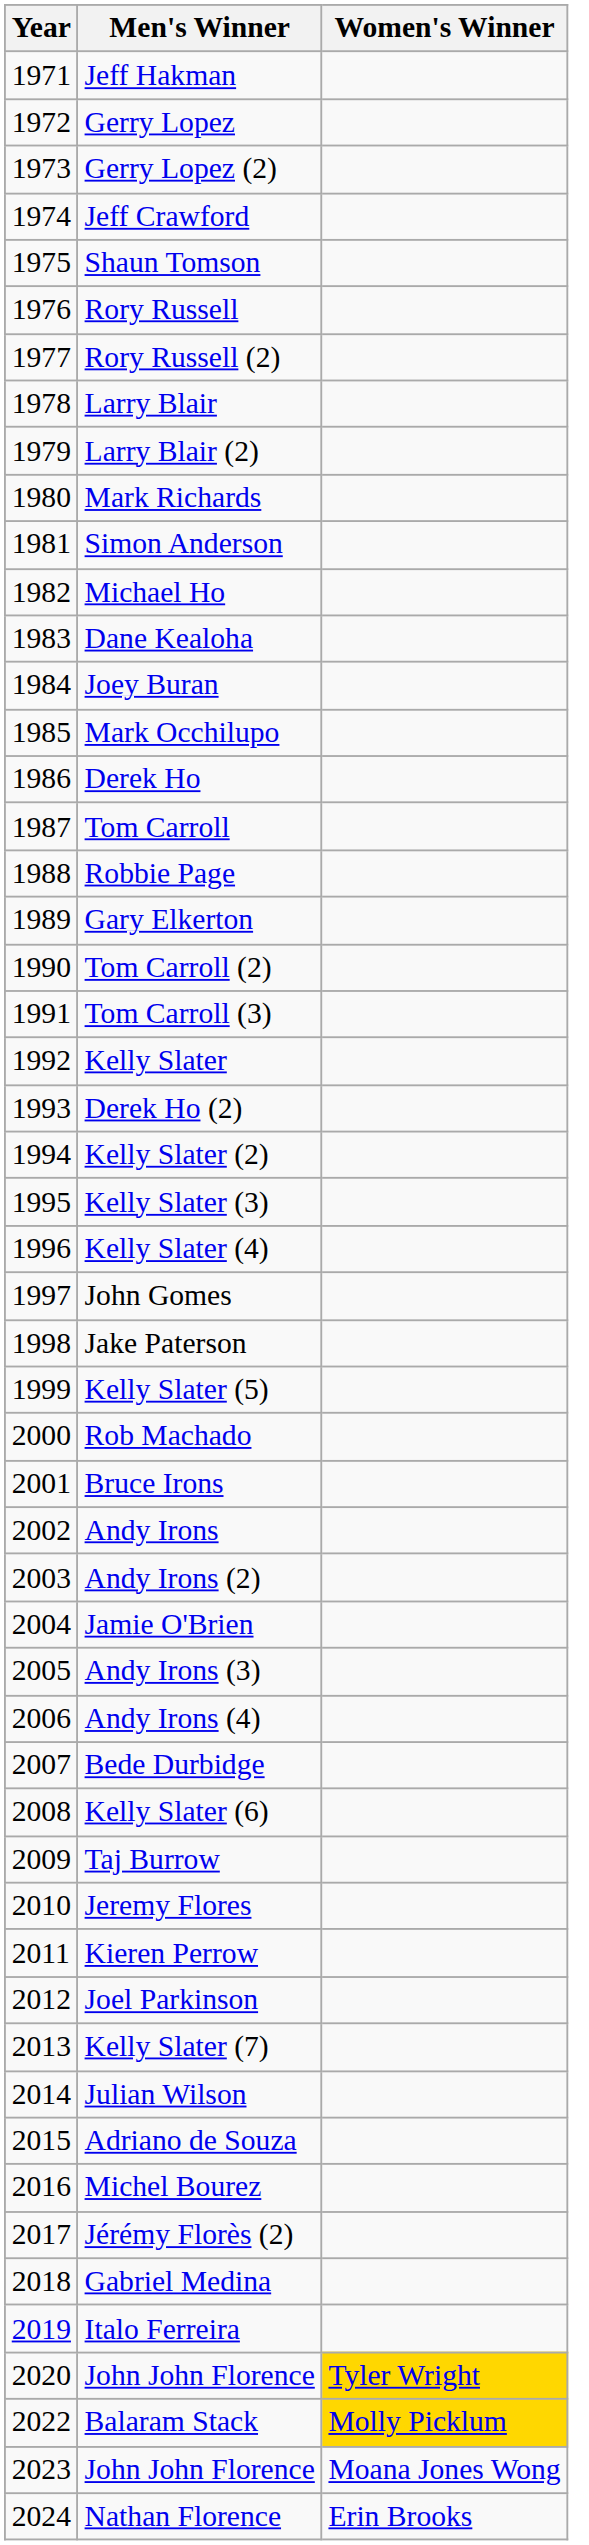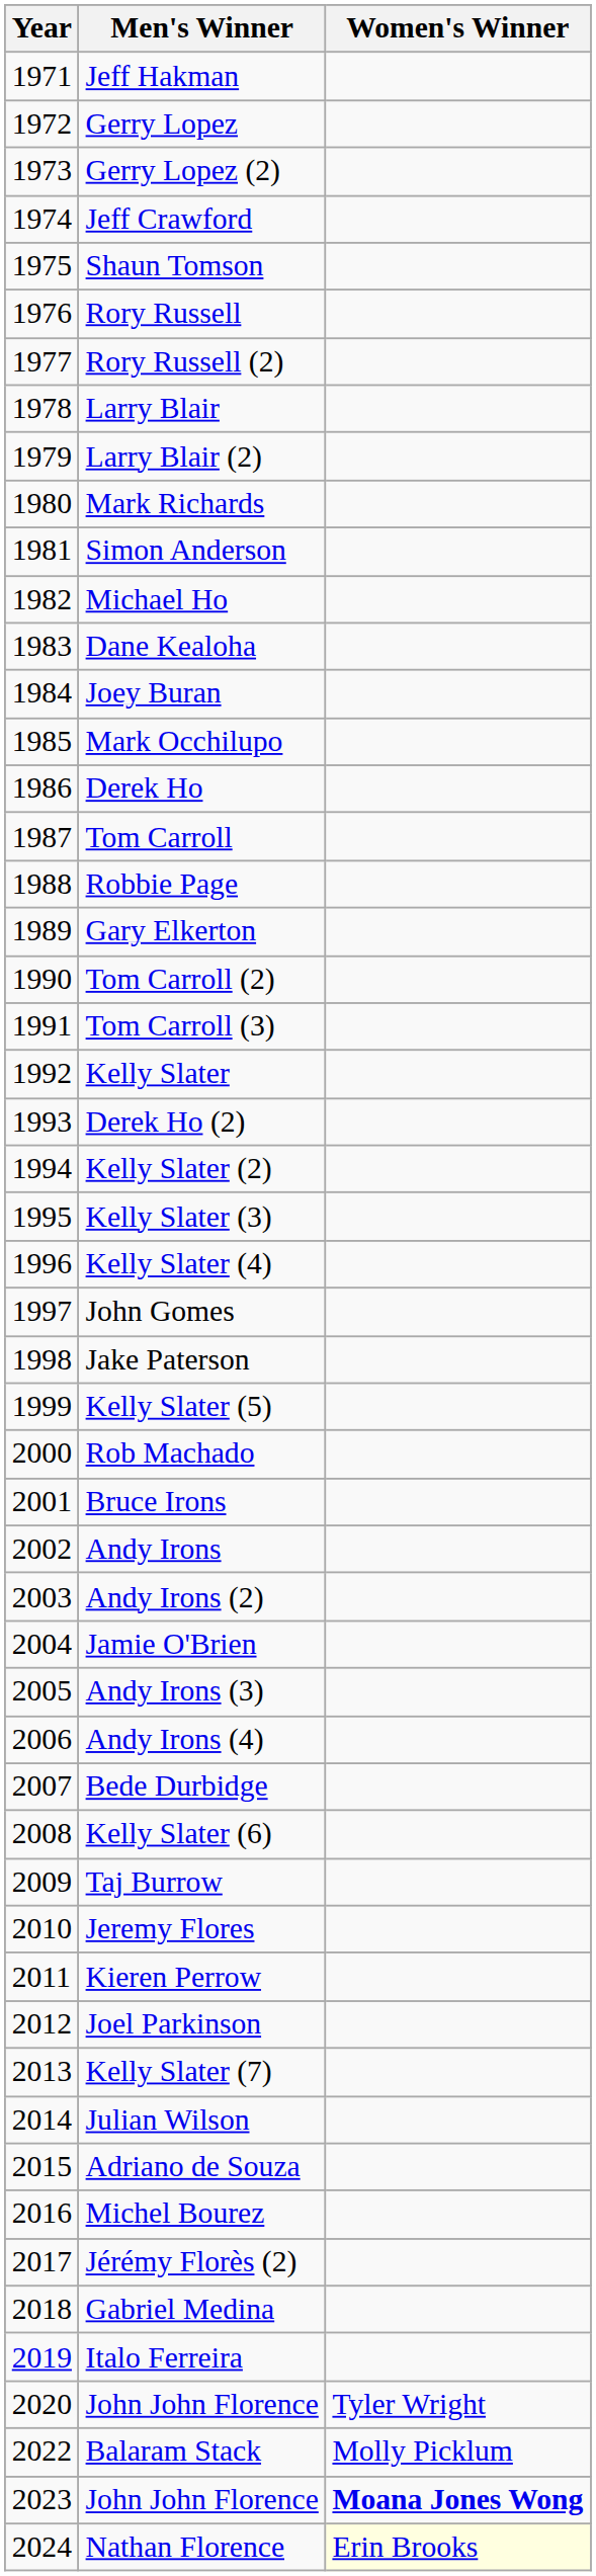 <table class="wikitable sortable">
 <tr>
 <th>Year</th>
 <th>Men's Winner</th>
 <th>Women's Winner</th>
 </tr>
 <tr>
 <td>1971</td>
 <td> <a href='#'>Jeff Hakman</a></td>
 <td></td>
 </tr>
 <tr>
 <td>1972</td>
 <td> <a href='#'>Gerry Lopez</a></td>
 <td></td>
 </tr>
 <tr>
 <td>1973</td>
 <td> <a href='#'>Gerry Lopez</a> (2)</td>
 <td></td>
 </tr>
 <tr>
 <td>1974</td>
 <td> <a href='#'>Jeff Crawford</a></td>
 <td></td>
 </tr>
 <tr>
 <td>1975</td>
 <td> <a href='#'>Shaun Tomson</a></td>
 <td></td>
 </tr>
 <tr>
 <td>1976</td>
 <td> <a href='#'>Rory Russell</a></td>
 <td></td>
 </tr>
 <tr>
 <td>1977</td>
 <td> <a href='#'>Rory Russell</a> (2)</td>
 <td></td>
 </tr>
 <tr>
 <td>1978</td>
 <td> <a href='#'>Larry Blair</a></td>
 <td></td>
 </tr>
 <tr>
 <td>1979</td>
 <td> <a href='#'>Larry Blair</a> (2)</td>
 <td></td>
 </tr>
 <tr>
 <td>1980</td>
 <td> <a href='#'>Mark Richards</a></td>
 <td></td>
 </tr>
 <tr>
 <td>1981</td>
 <td> <a href='#'>Simon Anderson</a></td>
 <td></td>
 </tr>
 <tr>
 <td>1982</td>
 <td> <a href='#'>Michael Ho</a></td>
 <td></td>
 </tr>
 <tr>
 <td>1983</td>
 <td> <a href='#'>Dane Kealoha</a></td>
 <td></td>
 </tr>
 <tr>
 <td>1984</td>
 <td> <a href='#'>Joey Buran</a></td>
 <td></td>
 </tr>
 <tr>
 <td>1985</td>
 <td> <a href='#'>Mark Occhilupo</a></td>
 <td></td>
 </tr>
 <tr>
 <td>1986</td>
 <td> <a href='#'>Derek Ho</a></td>
 <td></td>
 </tr>
 <tr>
 <td>1987</td>
 <td> <a href='#'>Tom Carroll</a></td>
 <td></td>
 </tr>
 <tr>
 <td>1988</td>
 <td> <a href='#'>Robbie Page</a></td>
 <td></td>
 </tr>
 <tr>
 <td>1989</td>
 <td> <a href='#'>Gary Elkerton</a></td>
 <td></td>
 </tr>
 <tr>
 <td>1990</td>
 <td> <a href='#'>Tom Carroll</a> (2)</td>
 <td></td>
 </tr>
 <tr>
 <td>1991</td>
 <td> <a href='#'>Tom Carroll</a> (3)</td>
 <td></td>
 </tr>
 <tr>
 <td>1992</td>
 <td> <a href='#'>Kelly Slater</a></td>
 <td></td>
 </tr>
 <tr>
 <td>1993</td>
 <td> <a href='#'>Derek Ho</a> (2)</td>
 <td></td>
 </tr>
 <tr>
 <td>1994</td>
 <td> <a href='#'>Kelly Slater</a> (2)</td>
 <td></td>
 </tr>
 <tr>
 <td>1995</td>
 <td> <a href='#'>Kelly Slater</a> (3)</td>
 <td></td>
 </tr>
 <tr>
 <td>1996</td>
 <td> <a href='#'>Kelly Slater</a> (4)</td>
 <td></td>
 </tr>
 <tr>
 <td>1997</td>
 <td> John Gomes</td>
 <td></td>
 </tr>
 <tr>
 <td>1998</td>
 <td> Jake Paterson</td>
 <td></td>
 </tr>
 <tr>
 <td>1999</td>
 <td> <a href='#'>Kelly Slater</a> (5)</td>
 <td></td>
 </tr>
 <tr>
 <td>2000</td>
 <td> <a href='#'>Rob Machado</a></td>
 <td></td>
 </tr>
 <tr>
 <td>2001</td>
 <td> <a href='#'>Bruce Irons</a></td>
 <td></td>
 </tr>
 <tr>
 <td>2002</td>
 <td> <a href='#'>Andy Irons</a></td>
 <td></td>
 </tr>
 <tr>
 <td>2003</td>
 <td> <a href='#'>Andy Irons</a> (2)</td>
 <td></td>
 </tr>
 <tr>
 <td>2004</td>
 <td> <a href='#'>Jamie O'Brien</a></td>
 <td></td>
 </tr>
 <tr>
 <td>2005</td>
 <td> <a href='#'>Andy Irons</a> (3)</td>
 <td></td>
 </tr>
 <tr>
 <td>2006</td>
 <td> <a href='#'>Andy Irons</a> (4)</td>
 <td></td>
 </tr>
 <tr>
 <td>2007</td>
 <td> <a href='#'>Bede Durbidge</a></td>
 <td></td>
 </tr>
 <tr>
 <td>2008</td>
 <td> <a href='#'>Kelly Slater</a> (6)</td>
 <td></td>
 </tr>
 <tr>
 <td>2009</td>
 <td> <a href='#'>Taj Burrow</a></td>
 <td></td>
 </tr>
 <tr>
 <td>2010</td>
 <td> <a href='#'>Jeremy Flores</a></td>
 <td></td>
 </tr>
 <tr>
 <td>2011</td>
 <td> <a href='#'>Kieren Perrow</a></td>
 <td></td>
 </tr>
 <tr>
 <td>2012</td>
 <td> <a href='#'>Joel Parkinson</a></td>
 <td></td>
 </tr>
 <tr>
 <td>2013</td>
 <td> <a href='#'>Kelly Slater</a> (7)</td>
 <td></td>
 </tr>
 <tr>
 <td>2014</td>
 <td> <a href='#'>Julian Wilson</a></td>
 <td></td>
 </tr>
 <tr>
 <td>2015</td>
 <td> <a href='#'>Adriano de Souza</a></td>
 <td></td>
 </tr>
 <tr>
 <td>2016</td>
 <td> <a href='#'>Michel Bourez</a></td>
 <td></td>
 </tr>
 <tr>
 <td>2017</td>
 <td> <a href='#'>Jérémy Florès</a> (2)</td>
 <td></td>
 </tr>
 <tr>
 <td>2018</td>
 <td> <a href='#'>Gabriel Medina</a></td>
 <td></td>
 </tr>
 <tr>
 <td><a href='#'>2019</a></td>
 <td> <a href='#'>Italo Ferreira</a></td>
 <td></td>
 </tr>
 <tr>
 <td>2020 </td>
 <td> <a href='#'>John John Florence</a></td>
-<td style="background: gold;"> <a href='#'>Tyler Wright</a></td>
+<td> <a href='#'>Tyler Wright</a></td>
 </tr>
 <tr>
 <td>2022 </td>
 <td> <a href='#'>Balaram Stack</a></td>
-<td style="background: gold;">  <a href='#'>Molly Picklum</a></td>
+<td>  <a href='#'>Molly Picklum</a></td>
 </tr>
 <tr>
 <td>2023 </td>
 <td> <a href='#'>John John Florence</a></td>
-<td> <a href='#'>Moana Jones Wong</a></td>
+<td><strong> <a href='#'>Moana Jones Wong</a></strong></td>
 </tr>
 <tr>
 <td>2024 </td>
 <td> <a href='#'>Nathan Florence</a></td>
-<td> <a href='#'>Erin Brooks</a></td>
+<td style="background: lightyellow;"> <a href='#'>Erin Brooks</a></td>
 </tr>
 </table>
